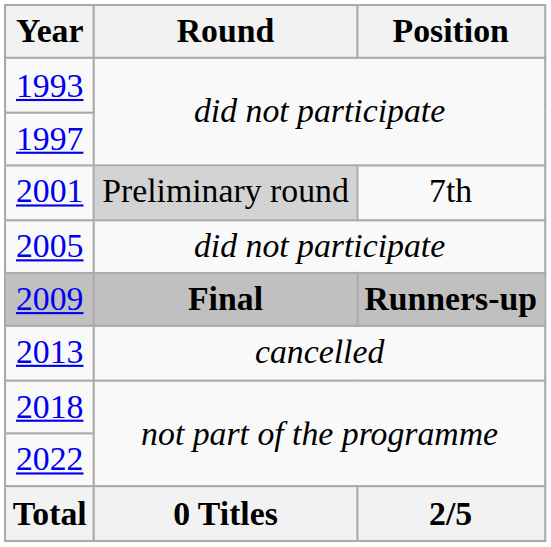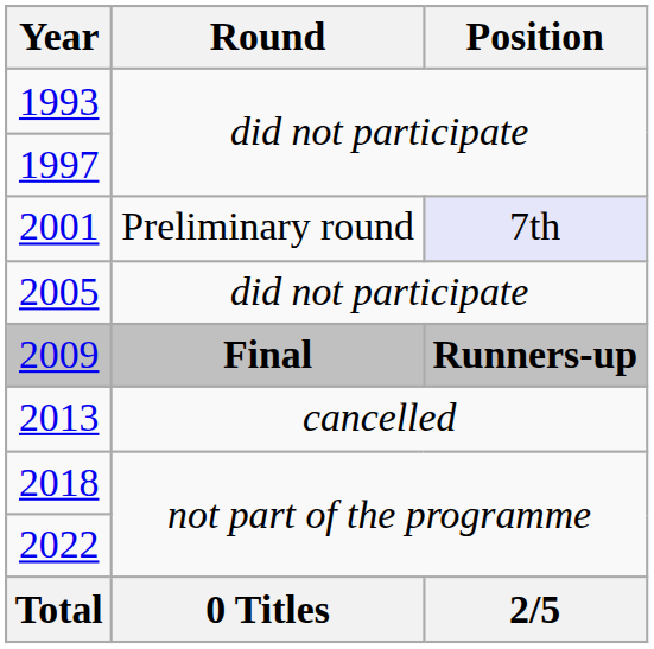 <table class="wikitable" style="text-align: center;">
 <tr>
 <th>Year</th>
 <th>Round</th>
 <th>Position</th>
 </tr>
 <tr>
 <td> <a href='#'>1993</a></td>
 <td colspan="5" rowspan="2"><em>did not participate</em></td>
 </tr>
 <tr>
 <td> <a href='#'>1997</a></td>
 </tr>
 <tr>
 <td> <a href='#'>2001</a></td>
-<td style="background: lightgrey;">Preliminary round</td>
-<td>7th</td>
+<td>Preliminary round</td>
+<td style="background: lavender;">7th</td>
 </tr>
 <tr>
 <td> <a href='#'>2005</a></td>
 <td colspan="5"><em>did not participate</em></td>
 </tr>
 <tr bgcolor="silver">
 <td> <a href='#'>2009</a></td>
 <td><strong>Final</strong></td>
 <td><strong>Runners-up</strong></td>
 </tr>
 <tr>
 <td> <a href='#'>2013</a></td>
 <td colspan=5><em>cancelled</em></td>
 </tr>
 <tr>
 <td> <a href='#'>2018</a></td>
 <td colspan="5" rowspan="2"><em>not part of the programme</em></td>
 </tr>
 <tr>
 <td> <a href='#'>2022</a></td>
 </tr>
 <tr>
 <th>Total</th>
 <th>0 Titles</th>
 <th>2/5</th>
 </tr>
 </table>
